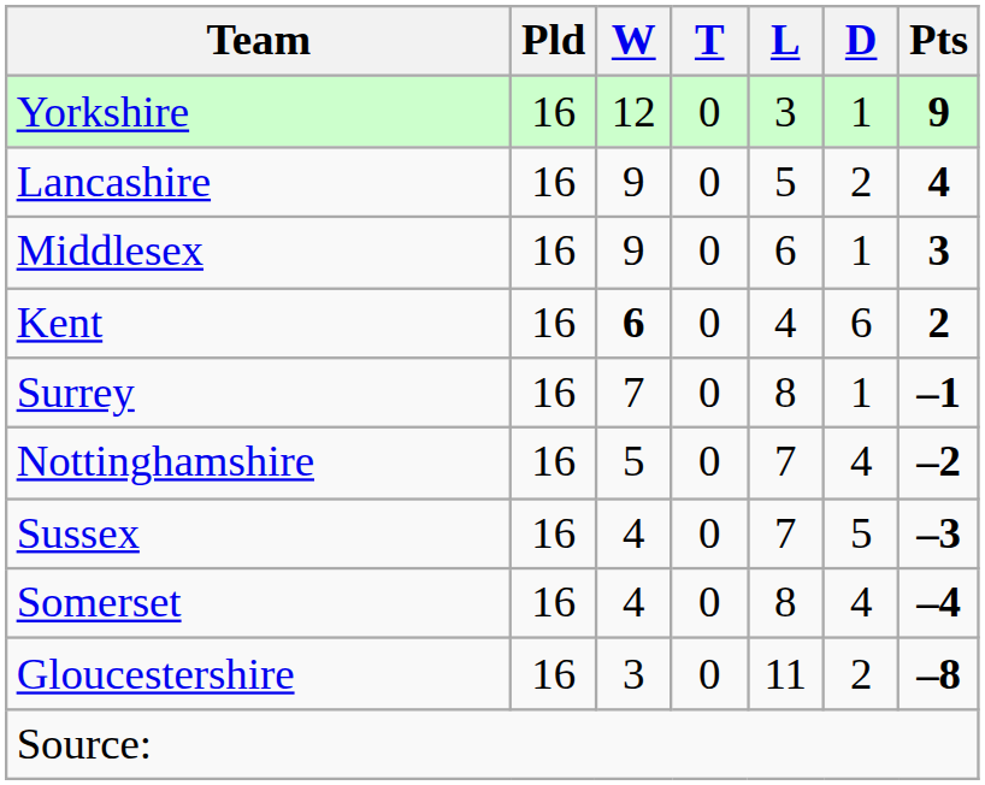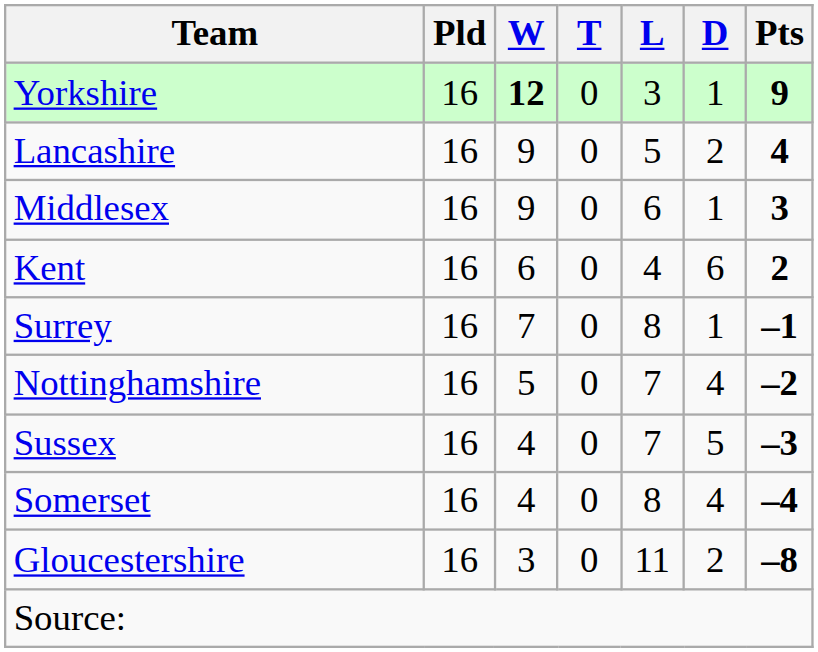 <table class="wikitable" style="text-align:center;">
 <tr>
 <th width=175>Team</th>
 <th width=20 abbr="Played">Pld</th>
 <th width=20 abbr="Won"><a href='#'>W</a></th>
 <th width=20 abbr="Tied"><a href='#'>T</a></th>
 <th width=20 abbr="Lost"><a href='#'>L</a></th>
 <th width=20 abbr="Drawn"><a href='#'>D</a></th>
 <th width=20 abbr="Points">Pts</th>
 </tr>
 <tr style="background:#ccffcc;">
 <td style="text-align:left;"><a href='#'>Yorkshire</a></td>
 <td>16</td>
-<td>12</td>
+<td><strong>12</strong></td>
 <td>0</td>
 <td>3</td>
 <td>1</td>
 <td><strong>9</strong></td>
 </tr>
 <tr style="background:#f9f9f9;">
 <td style="text-align:left;"><a href='#'>Lancashire</a></td>
 <td>16</td>
 <td>9</td>
 <td>0</td>
 <td>5</td>
 <td>2</td>
 <td><strong>4</strong></td>
 </tr>
 <tr style="background:#f9f9f9;">
 <td style="text-align:left;"><a href='#'>Middlesex</a></td>
 <td>16</td>
 <td>9</td>
 <td>0</td>
 <td>6</td>
 <td>1</td>
 <td><strong>3</strong></td>
 </tr>
 <tr style="background:#f9f9f9;">
 <td style="text-align:left;"><a href='#'>Kent</a></td>
 <td>16</td>
-<td><strong>6</strong></td>
+<td>6</td>
 <td>0</td>
 <td>4</td>
 <td>6</td>
 <td><strong>2</strong></td>
 </tr>
 <tr style="background:#f9f9f9;">
 <td style="text-align:left;"><a href='#'>Surrey</a></td>
 <td>16</td>
 <td>7</td>
 <td>0</td>
 <td>8</td>
 <td>1</td>
 <td><strong>–1</strong></td>
 </tr>
 <tr style="background:#f9f9f9;">
 <td style="text-align:left;"><a href='#'>Nottinghamshire</a></td>
 <td>16</td>
 <td>5</td>
 <td>0</td>
 <td>7</td>
 <td>4</td>
 <td><strong>–2</strong></td>
 </tr>
 <tr style="background:#f9f9f9;">
 <td style="text-align:left;"><a href='#'>Sussex</a></td>
 <td>16</td>
 <td>4</td>
 <td>0</td>
 <td>7</td>
 <td>5</td>
 <td><strong>–3</strong></td>
 </tr>
 <tr style="background:#f9f9f9;">
 <td style="text-align:left;"><a href='#'>Somerset</a></td>
 <td>16</td>
 <td>4</td>
 <td>0</td>
 <td>8</td>
 <td>4</td>
 <td><strong>–4</strong></td>
 </tr>
 <tr style="background:#f9f9f9;">
 <td style="text-align:left;"><a href='#'>Gloucestershire</a></td>
 <td>16</td>
 <td>3</td>
 <td>0</td>
 <td>11</td>
 <td>2</td>
 <td><strong>–8</strong></td>
 </tr>
 <tr>
 <td colspan=8 align="left">Source:</td>
 </tr>
 </table>
